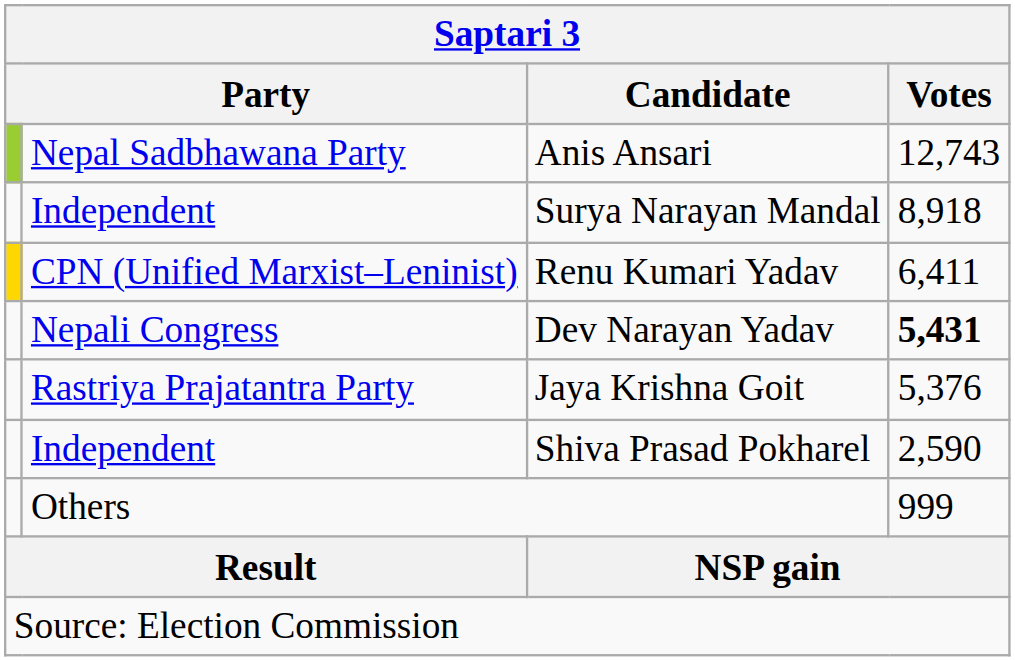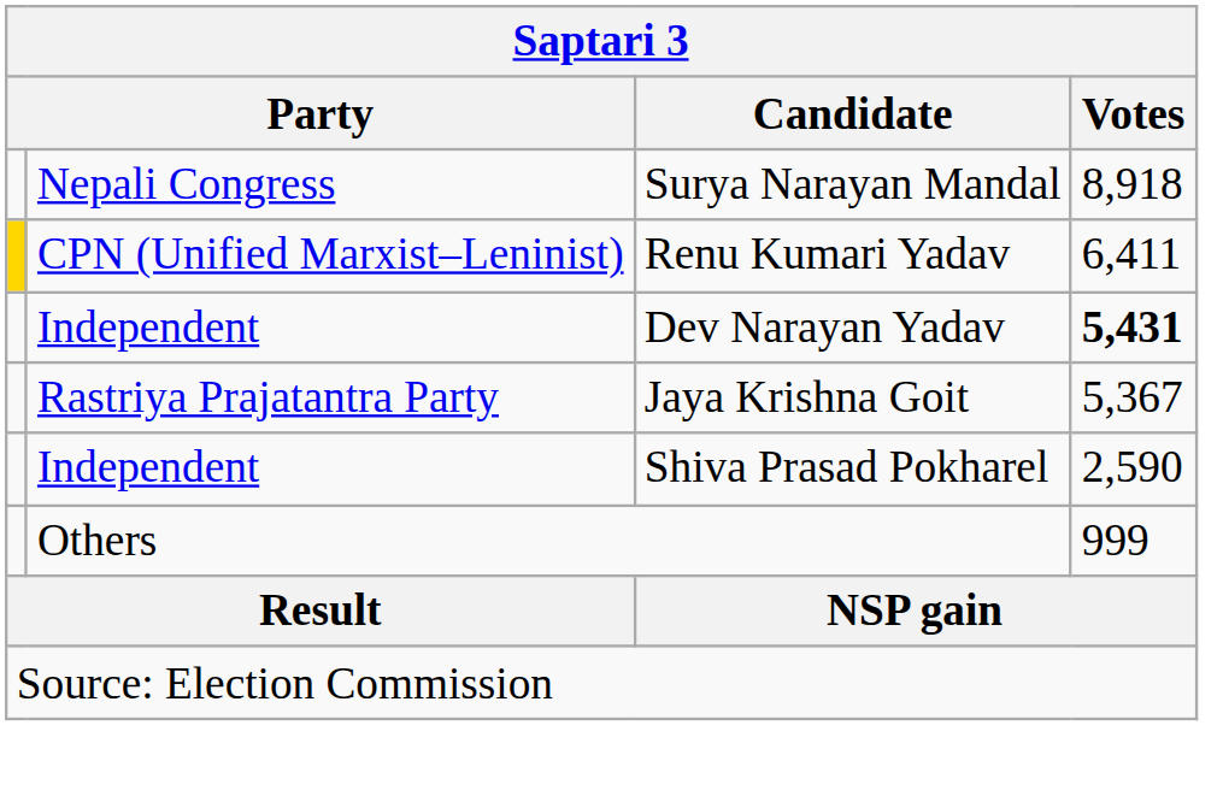 <table class="wikitable">
 <tr>
 <th colspan="4"><a href='#'>Saptari 3</a></th>
 </tr>
 <tr>
 <th colspan="2">Party</th>
 <th>Candidate</th>
 <th>Votes</th>
 </tr>
 <tr>
-<td style="background-color:yellowgreen"></td>
-<td><a href='#'>Nepal Sadbhawana Party</a></td>
-<td>Anis Ansari</td>
-<td>12,743</td>
-</tr>
-<tr>
 <td style="background-color:"></td>
-<td><a href='#'>Independent</a></td>
+<td><a href='#'>Nepali Congress</a></td>
 <td>Surya Narayan Mandal</td>
 <td>8,918</td>
 </tr>
 <tr>
 <td style="background-color:gold"></td>
 <td><a href='#'>CPN (Unified Marxist–Leninist)</a></td>
 <td>Renu Kumari Yadav</td>
 <td>6,411</td>
 </tr>
 <tr>
 <td style="background-color:"></td>
-<td><a href='#'>Nepali Congress</a></td>
+<td><a href='#'>Independent</a></td>
 <td>Dev Narayan Yadav</td>
 <td><strong>5,431</strong></td>
 </tr>
 <tr>
 <td style="background-color:"></td>
 <td><a href='#'>Rastriya Prajatantra Party</a></td>
 <td>Jaya Krishna Goit</td>
-<td>5,376</td>
+<td>5,367</td>
 </tr>
 <tr>
 <td></td>
 <td><a href='#'>Independent</a></td>
 <td>Shiva Prasad Pokharel</td>
 <td>2,590</td>
 </tr>
 <tr>
 <td></td>
 <td colspan="2">Others</td>
 <td>999</td>
 </tr>
 <tr>
 <th colspan="2">Result</th>
 <th colspan="2">NSP gain</th>
 </tr>
 <tr>
 <td colspan="4">Source: Election Commission</td>
 </tr>
 </table>
